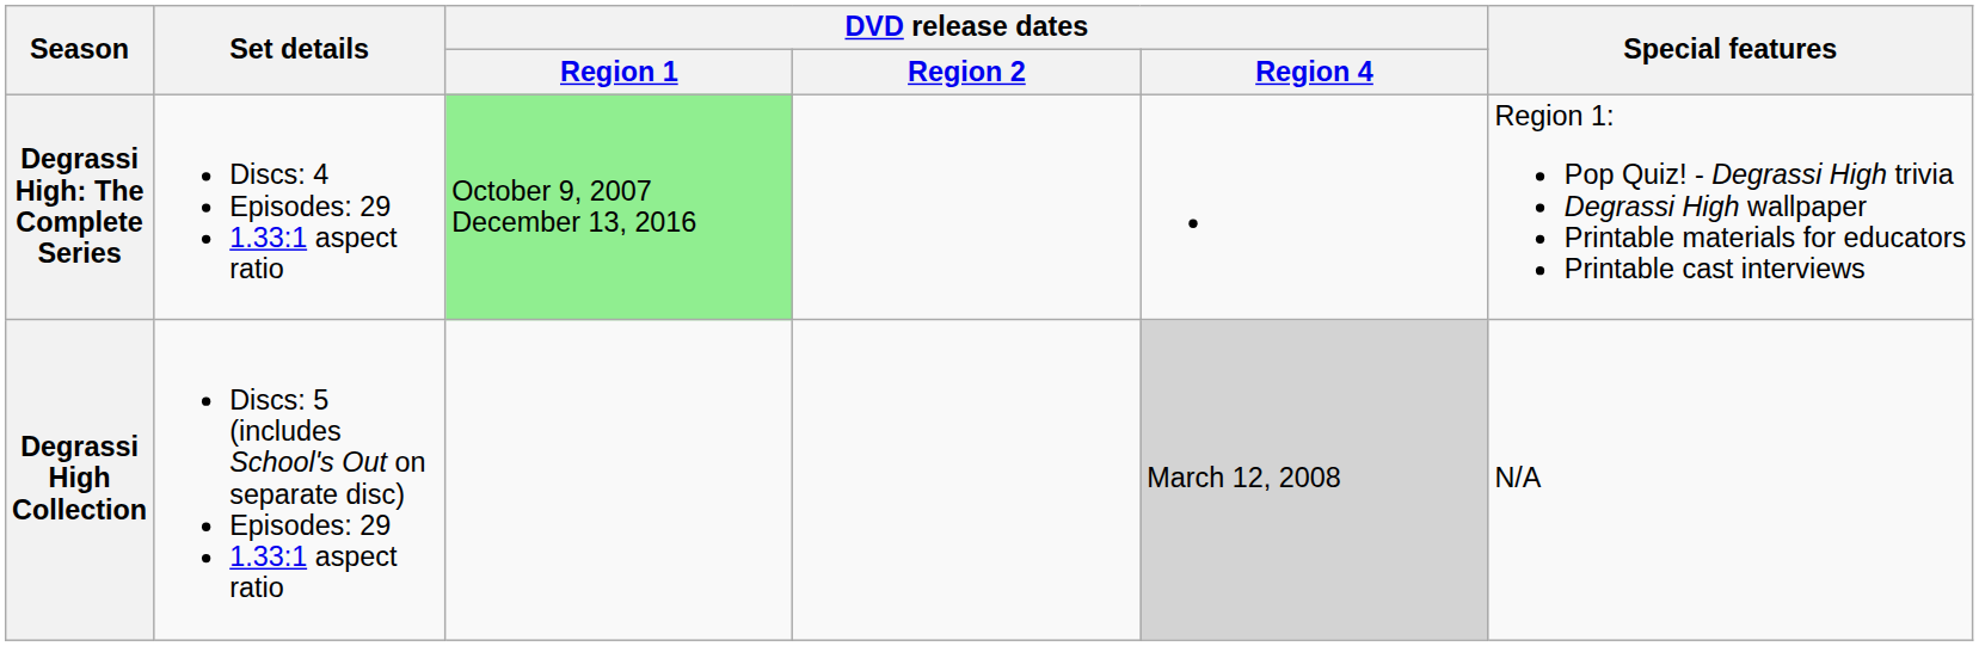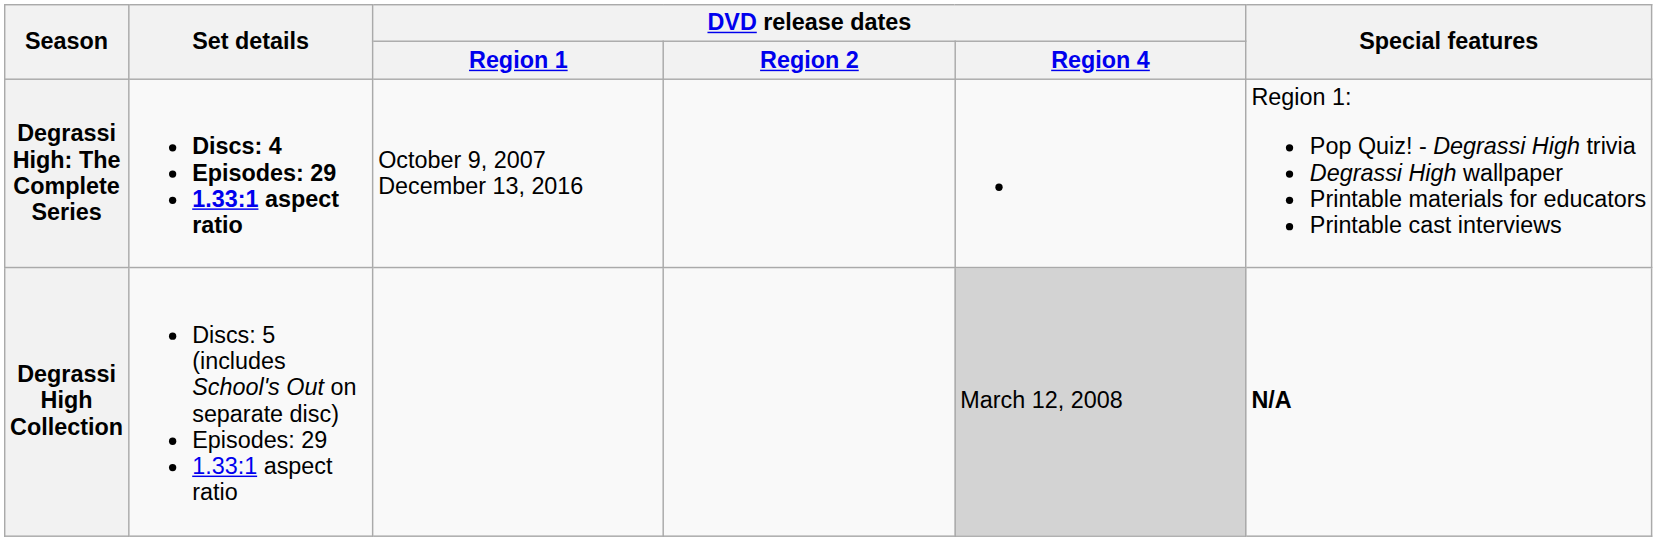 <table class="wikitable plainrowheaders" text-align: center">
 <tr>
 <th rowspan="2" scope="col" style="width: 3em;">Season</th>
 <th rowspan="2" scope="col" style="width: 10em;">Set details</th>
 <th colspan="3" scope="col"><a href='#'>DVD</a> release dates</th>
 <th rowspan="2" scope="col">Special features</th>
 </tr>
 <tr>
 <th scope="col" style="width: 12em; font-size: 100%;"><a href='#'>Region 1</a></th>
 <th scope="col" style="width: 12em; font-size: 100%;"><a href='#'>Region 2</a></th>
 <th scope="col" style="width: 12em; font-size: 100%;"><a href='#'>Region 4</a></th>
 </tr>
 <tr>
 <th scope="row">Degrassi High: The Complete Series</th>
-<td><br><ul><li>Discs: 4</li><li>Episodes: 29</li><li><a href='#'>1.33:1</a> aspect ratio</li></ul></td>
-<td style="background: lightgreen;">October 9, 2007<br>December 13, 2016</td>
+<td><strong><br><ul><li>Discs: 4</li><li>Episodes: 29</li><li><a href='#'>1.33:1</a> aspect ratio</li></ul></strong></td>
+<td>October 9, 2007<br>December 13, 2016</td>
 <td></td>
 <td><br><ul><li></li></ul></td>
 <td>Region 1:<br><ul><li>Pop Quiz! - <em>Degrassi High</em> trivia</li><li><em>Degrassi High</em> wallpaper</li><li>Printable materials for educators</li><li>Printable cast interviews</li></ul></td>
 </tr>
 <tr>
 <th scope="row">Degrassi High Collection</th>
 <td><br><ul><li>Discs: 5 (includes <em>School's Out</em> on separate disc)</li><li>Episodes: 29</li><li><a href='#'>1.33:1</a> aspect ratio</li></ul></td>
 <td></td>
 <td></td>
 <td style="background: lightgrey;">March 12, 2008</td>
-<td>N/A</td>
+<td><strong>N/A</strong></td>
 </tr>
 </table>
